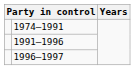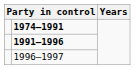 <table class="wikitable">
 <tr>
 <th colspan=2>Party in control</th>
 <th>Years</th>
 </tr>
 <tr>
 <td></td>
-<td>1974–1991</td>
+<td><strong>1974–1991</strong></td>
 </tr>
 <tr>
 <td></td>
-<td>1991–1996</td>
+<td><strong>1991–1996</strong></td>
 </tr>
 <tr>
 <td></td>
 <td>1996–1997</td>
 </tr>
 </table>
